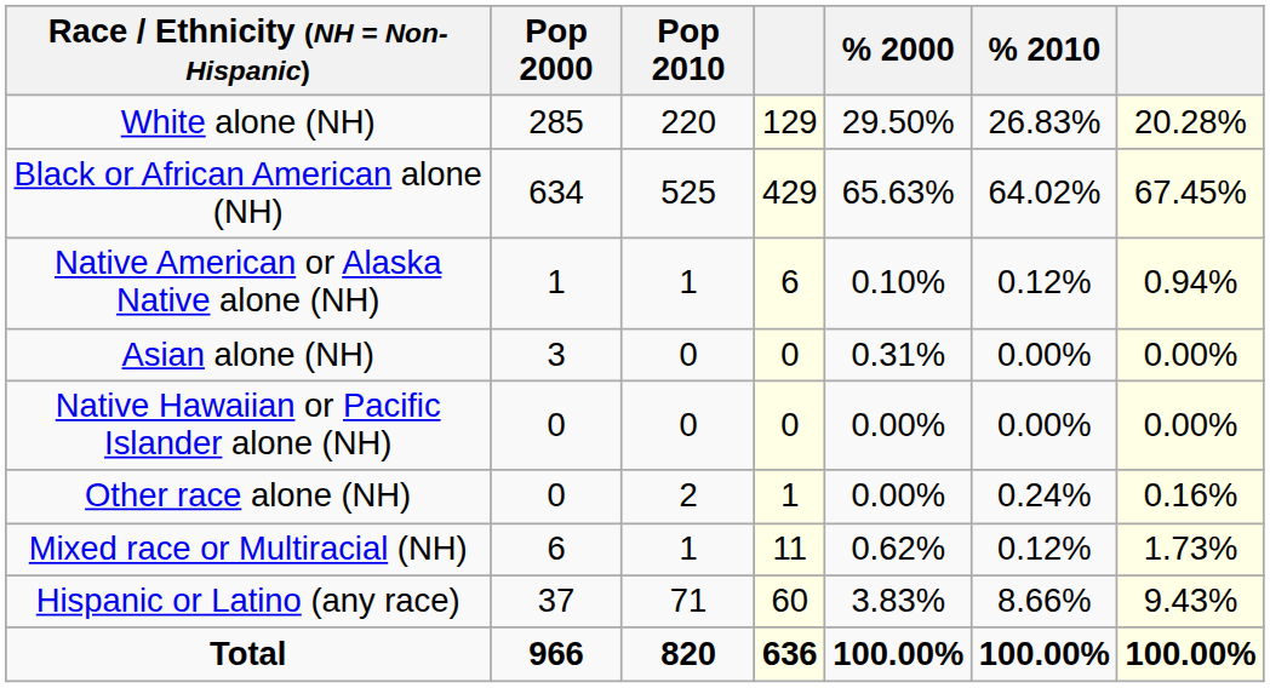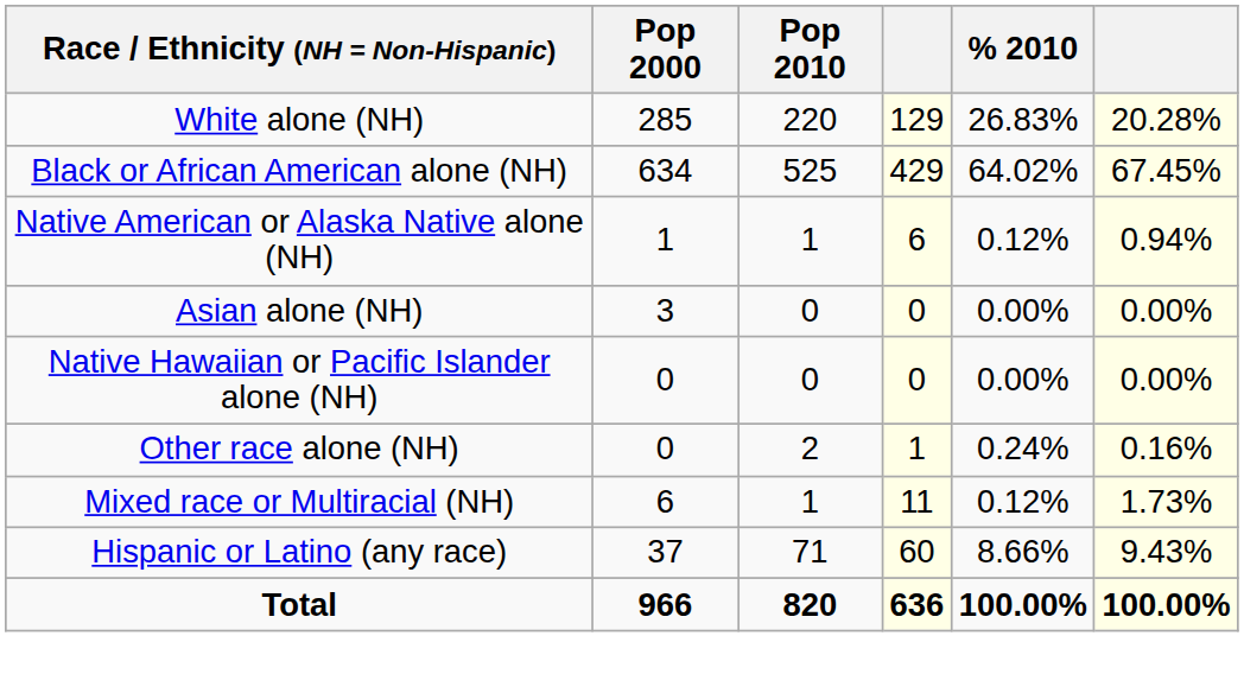 <table class="wikitable" style="text-align:center;">
 <tr>
 <th>Race / Ethnicity <small>(<em>NH = Non-Hispanic</em>)</small></th>
 <th>Pop 2000</th>
 <th>Pop 2010</th>
 <th></th>
-<th>% 2000</th>
 <th>% 2010</th>
 <th></th>
 </tr>
 <tr>
 <td><a href='#'>White</a> alone (NH)</td>
 <td>285</td>
 <td>220</td>
 <td style='background: #ffffe6;'>129</td>
-<td>29.50%</td>
 <td>26.83%</td>
 <td style='background: #ffffe6;'>20.28%</td>
 </tr>
 <tr>
 <td><a href='#'>Black or African American</a> alone (NH)</td>
 <td>634</td>
 <td>525</td>
 <td style='background: #ffffe6;'>429</td>
-<td>65.63%</td>
 <td>64.02%</td>
 <td style='background: #ffffe6;'>67.45%</td>
 </tr>
 <tr>
 <td><a href='#'>Native American</a> or <a href='#'>Alaska Native</a> alone (NH)</td>
 <td>1</td>
 <td>1</td>
 <td style='background: #ffffe6;'>6</td>
-<td>0.10%</td>
 <td>0.12%</td>
 <td style='background: #ffffe6;'>0.94%</td>
 </tr>
 <tr>
 <td><a href='#'>Asian</a> alone (NH)</td>
 <td>3</td>
 <td>0</td>
 <td style='background: #ffffe6;'>0</td>
-<td>0.31%</td>
 <td>0.00%</td>
 <td style='background: #ffffe6;'>0.00%</td>
 </tr>
 <tr>
 <td><a href='#'>Native Hawaiian</a> or <a href='#'>Pacific Islander</a>  alone (NH)</td>
 <td>0</td>
 <td>0</td>
 <td style='background: #ffffe6;'>0</td>
 <td>0.00%</td>
-<td>0.00%</td>
 <td style='background: #ffffe6;'>0.00%</td>
 </tr>
 <tr>
 <td><a href='#'>Other race</a> alone (NH)</td>
 <td>0</td>
 <td>2</td>
 <td style='background: #ffffe6;'>1</td>
-<td>0.00%</td>
 <td>0.24%</td>
 <td style='background: #ffffe6;'>0.16%</td>
 </tr>
 <tr>
 <td><a href='#'>Mixed race or Multiracial</a> (NH)</td>
 <td>6</td>
 <td>1</td>
 <td style='background: #ffffe6;'>11</td>
-<td>0.62%</td>
 <td>0.12%</td>
 <td style='background: #ffffe6;'>1.73%</td>
 </tr>
 <tr>
 <td><a href='#'>Hispanic or Latino</a> (any race)</td>
 <td>37</td>
 <td>71</td>
 <td style='background: #ffffe6;'>60</td>
-<td>3.83%</td>
 <td>8.66%</td>
 <td style='background: #ffffe6;'>9.43%</td>
 </tr>
 <tr>
 <td><strong>Total</strong></td>
 <td><strong>966</strong></td>
 <td><strong>820</strong></td>
 <td style='background: #ffffe6;'><strong>636</strong></td>
 <td><strong>100.00%</strong></td>
-<td><strong>100.00%</strong></td>
 <td style='background: #ffffe6;'><strong>100.00%</strong></td>
 </tr>
 </table>
